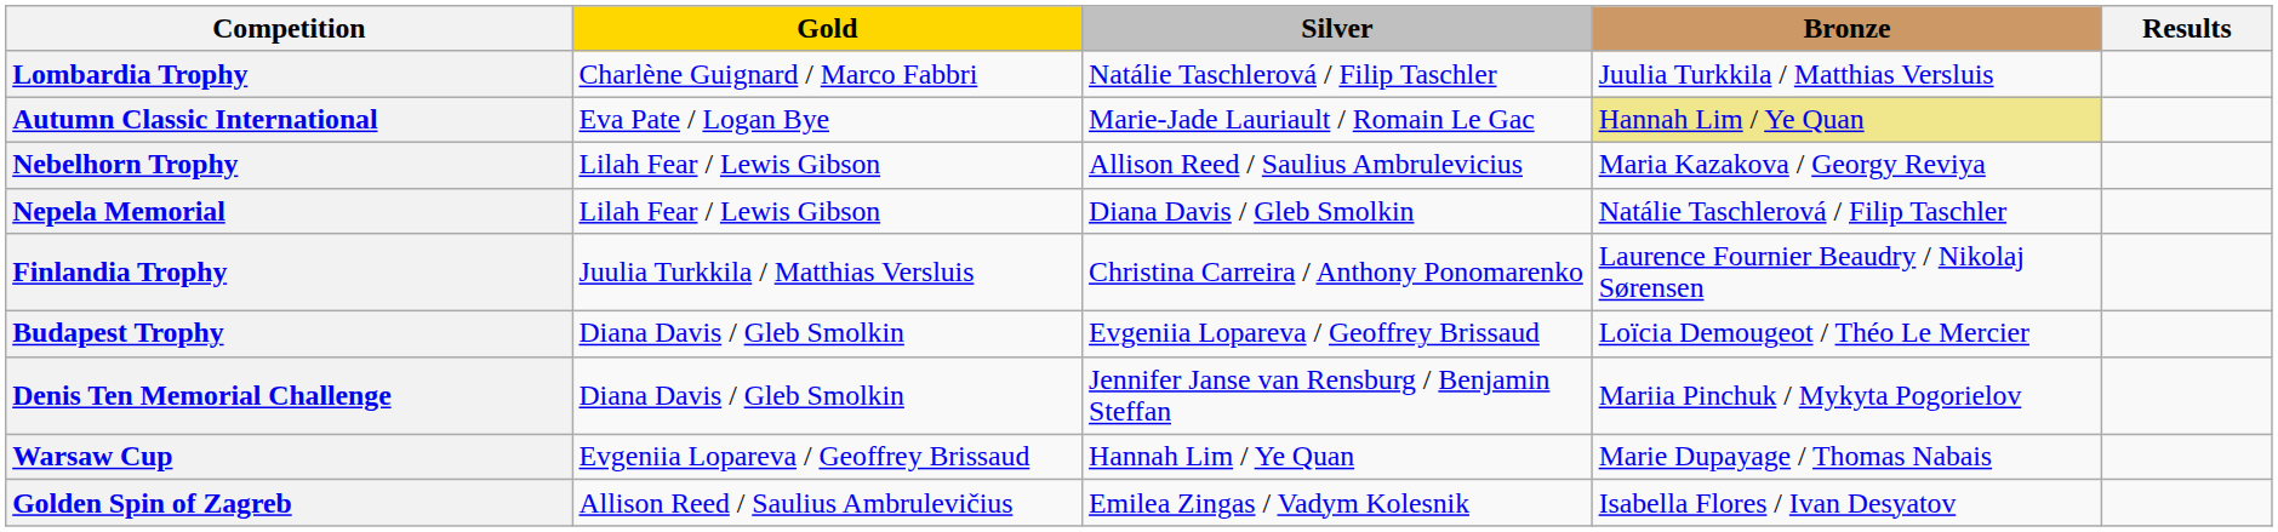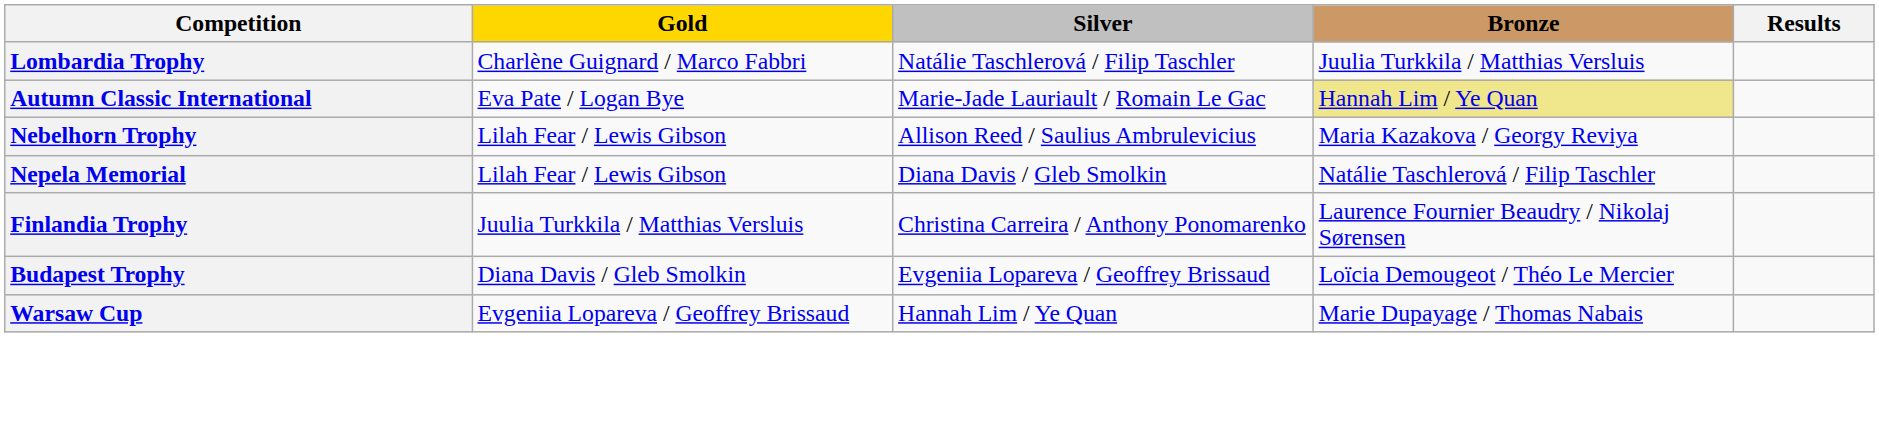 <table class="wikitable unsortable" style="text-align:left; width:100%;">
 <tr>
 <th scope="col" style="text-align:center; width:25%;">Competition</th>
 <td scope="col" style="text-align:center; width:22.5%; background:gold"><strong>Gold</strong></td>
 <td scope="col" style="text-align:center; width:22.5%; background:silver"><strong>Silver</strong></td>
 <td scope="col" style="text-align:center; width:22.5%; background:#c96"><strong>Bronze</strong></td>
 <th scope="col" style="text-align:center; width:7.5%;">Results</th>
 </tr>
 <tr>
 <th scope="row" style="text-align:left"> <a href='#'>Lombardia Trophy</a></th>
 <td> <a href='#'>Charlène Guignard</a> / <a href='#'>Marco Fabbri</a></td>
 <td> <a href='#'>Natálie Taschlerová</a> / <a href='#'>Filip Taschler</a></td>
 <td> <a href='#'>Juulia Turkkila</a> / <a href='#'>Matthias Versluis</a></td>
 <td></td>
 </tr>
 <tr>
 <th scope="row" style="text-align:left"> <a href='#'>Autumn Classic International</a></th>
 <td> <a href='#'>Eva Pate</a> / <a href='#'>Logan Bye</a></td>
 <td> <a href='#'>Marie-Jade Lauriault</a> / <a href='#'>Romain Le Gac</a></td>
 <td style="background: khaki;"> <a href='#'>Hannah Lim</a> / <a href='#'>Ye Quan</a></td>
 <td></td>
 </tr>
 <tr>
 <th scope="row" style="text-align:left"> <a href='#'>Nebelhorn Trophy</a></th>
 <td> <a href='#'>Lilah Fear</a> / <a href='#'>Lewis Gibson</a></td>
 <td> <a href='#'>Allison Reed</a> / <a href='#'>Saulius Ambrulevicius</a></td>
 <td> <a href='#'>Maria Kazakova</a> / <a href='#'>Georgy Reviya</a></td>
 <td></td>
 </tr>
 <tr>
 <th scope="row" style="text-align:left"> <a href='#'>Nepela Memorial</a></th>
 <td> <a href='#'>Lilah Fear</a> / <a href='#'>Lewis Gibson</a></td>
 <td> <a href='#'>Diana Davis</a> / <a href='#'>Gleb Smolkin</a></td>
 <td> <a href='#'>Natálie Taschlerová</a> / <a href='#'>Filip Taschler</a></td>
 <td></td>
 </tr>
 <tr>
 <th scope="row" style="text-align:left"> <a href='#'>Finlandia Trophy</a></th>
 <td> <a href='#'>Juulia Turkkila</a> / <a href='#'>Matthias Versluis</a></td>
 <td> <a href='#'>Christina Carreira</a> / <a href='#'>Anthony Ponomarenko</a></td>
 <td> <a href='#'>Laurence Fournier Beaudry</a> / <a href='#'>Nikolaj Sørensen</a></td>
 <td></td>
 </tr>
 <tr>
 <th scope="row" style="text-align:left"> <a href='#'>Budapest Trophy</a></th>
 <td> <a href='#'>Diana Davis</a> / <a href='#'>Gleb Smolkin</a></td>
 <td> <a href='#'>Evgeniia Lopareva</a> / <a href='#'>Geoffrey Brissaud</a></td>
 <td> <a href='#'>Loïcia Demougeot</a> / <a href='#'>Théo Le Mercier</a></td>
 <td></td>
 </tr>
 <tr>
-<th scope="row" style="text-align:left"> <a href='#'>Denis Ten Memorial Challenge</a></th>
-<td> <a href='#'>Diana Davis</a> / <a href='#'>Gleb Smolkin</a></td>
-<td> <a href='#'>Jennifer Janse van Rensburg</a> / <a href='#'>Benjamin Steffan</a></td>
-<td> <a href='#'>Mariia Pinchuk</a> / <a href='#'>Mykyta Pogorielov</a></td>
-<td></td>
-</tr>
-<tr>
 <th scope="row" style="text-align:left"> <a href='#'>Warsaw Cup</a></th>
 <td> <a href='#'>Evgeniia Lopareva</a> / <a href='#'>Geoffrey Brissaud</a></td>
 <td> <a href='#'>Hannah Lim</a> / <a href='#'>Ye Quan</a></td>
 <td> <a href='#'>Marie Dupayage</a> / <a href='#'>Thomas Nabais</a></td>
 <td></td>
 </tr>
-<tr>
-<th scope="row" style="text-align:left"> <a href='#'>Golden Spin of Zagreb</a></th>
-<td> <a href='#'>Allison Reed</a> / <a href='#'>Saulius Ambrulevičius</a></td>
-<td> <a href='#'>Emilea Zingas</a> / <a href='#'>Vadym Kolesnik</a></td>
-<td> <a href='#'>Isabella Flores</a> / <a href='#'>Ivan Desyatov</a></td>
-<td></td>
-</tr>
 </table>
